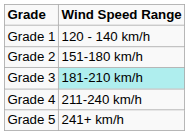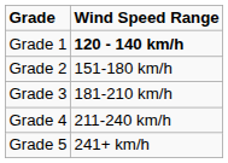 <table class="wikitable">
 <tr>
 <td><strong>Grade</strong></td>
 <td><strong>Wind Speed Range</strong></td>
 </tr>
 <tr>
 <td>Grade 1</td>
-<td>120 - 140 km/h</td>
+<td><strong>120 - 140 km/h</strong></td>
 </tr>
 <tr>
 <td>Grade 2</td>
 <td>151-180 km/h</td>
 </tr>
 <tr>
 <td>Grade 3</td>
-<td style="background: paleturquoise;">181-210 km/h</td>
+<td>181-210 km/h</td>
 </tr>
 <tr>
 <td>Grade 4</td>
 <td>211-240 km/h</td>
 </tr>
 <tr>
 <td>Grade 5</td>
 <td>241+ km/h</td>
 </tr>
 </table>
